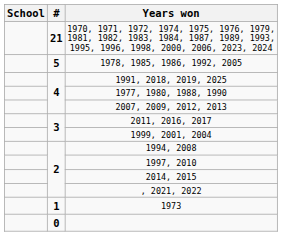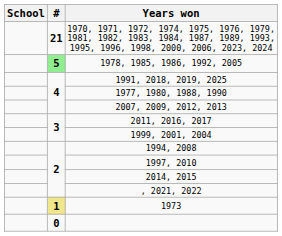 <table class="wikitable" style="text-align:center;">
 <tr>
 <th>School</th>
 <th>#</th>
 <th>Years won</th>
 </tr>
 <tr>
 <td style=><strong><a href='#'></a></strong></td>
 <td><strong>21</strong></td>
 <td style="font-size:80%;">1970, 1971, 1972, 1974, 1975, 1976, 1979, <br>1981, 1982, 1983, 1984, 1987, 1989, 1993, <br>1995, 1996, 1998, 2000, 2006, 2023, 2024</td>
 </tr>
 <tr>
 <td style=><strong></strong></td>
-<td><strong>5</strong></td>
+<td style="background: lightgreen;"><strong>5</strong></td>
 <td style="font-size:80%;">1978, 1985, 1986, 1992, 2005</td>
 </tr>
 <tr>
 <td style=></td>
 <td rowspan=3><strong>4</strong></td>
 <td style="font-size:80%;">1991, 2018, 2019, 2025</td>
 </tr>
 <tr>
 <td style=><strong></strong></td>
 <td style="font-size:80%;">1977, 1980, 1988, 1990</td>
 </tr>
 <tr>
 <td style=><strong></strong></td>
 <td style="font-size:80%;">2007, 2009, 2012, 2013</td>
 </tr>
 <tr>
 <td style=><strong><a href='#'></a></strong></td>
 <td rowspan=2><strong>3</strong></td>
 <td style="font-size:80%;">2011, 2016, 2017</td>
 </tr>
 <tr>
 <td style=><strong><a href='#'></a></strong></td>
 <td style="font-size:80%;">1999, 2001, 2004</td>
 </tr>
 <tr>
 <td style=><strong><a href='#'></a></strong></td>
 <td rowspan=4><strong>2</strong></td>
 <td style="font-size:80%;">1994, 2008</td>
 </tr>
 <tr>
 <td style=><strong><a href='#'></a></strong></td>
 <td style="font-size:80%;">1997, 2010</td>
 </tr>
 <tr>
 <td style=><strong></strong></td>
 <td style="font-size:80%;">2014, 2015</td>
 </tr>
 <tr>
 <td style=><strong><a href='#'></a></strong></td>
 <td style="font-size:80%;">, 2021, 2022</td>
 </tr>
 <tr>
 <td style=><em><a href='#'></a></em></td>
-<td rowspan=1><strong>1</strong></td>
+<td rowspan=1 style="background: khaki;"><strong>1</strong></td>
 <td style="font-size:80%;">1973</td>
 </tr>
 <tr>
 <td style=><strong><a href='#'></a></strong></td>
 <td><strong>0</strong></td>
 <td style="font-size:80%;"></td>
 </tr>
 </table>
